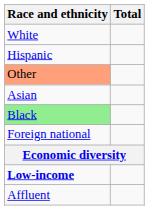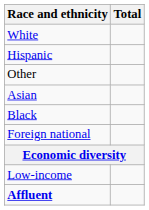 <table class="wikitable floatright sortable collapsible"; text-align:right; font-size:80%;">
 <tr>
 <th>Race and ethnicity</th>
 <th colspan="2" data-sort-type=number>Total</th>
 </tr>
 <tr>
 <td><a href='#'>White</a></td>
 <td align=right></td>
 </tr>
 <tr>
 <td><a href='#'>Hispanic</a></td>
 <td align=right></td>
 </tr>
 <tr>
-<td style="background: lightsalmon;">Other</td>
+<td>Other</td>
 <td align=right></td>
 </tr>
 <tr>
 <td><a href='#'>Asian</a></td>
 <td align=right></td>
 </tr>
 <tr>
-<td style="background: lightgreen;"><a href='#'>Black</a></td>
+<td><a href='#'>Black</a></td>
 <td align=right></td>
 </tr>
 <tr>
 <td><a href='#'>Foreign national</a></td>
 <td align=right></td>
 </tr>
 <tr>
 <th colspan="4" data-sort-type=number><a href='#'>Economic diversity</a></th>
 </tr>
 <tr>
-<td><strong><a href='#'>Low-income</a></strong></td>
+<td><a href='#'>Low-income</a></td>
 <td align=right></td>
 </tr>
 <tr>
-<td><a href='#'>Affluent</a></td>
+<td><strong><a href='#'>Affluent</a></strong></td>
 <td align=right></td>
 </tr>
 </table>
